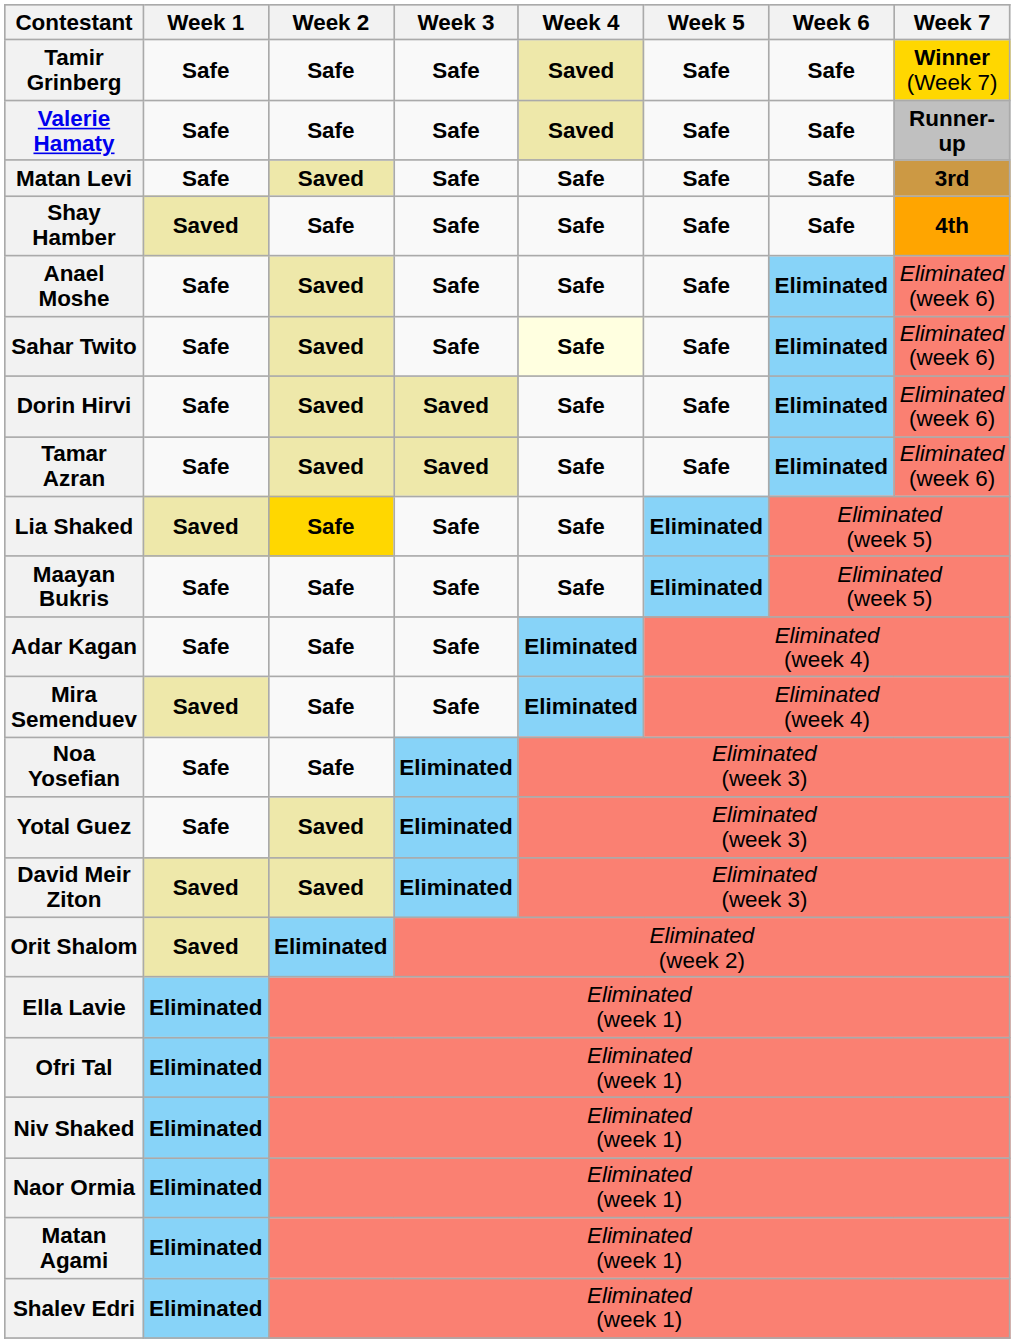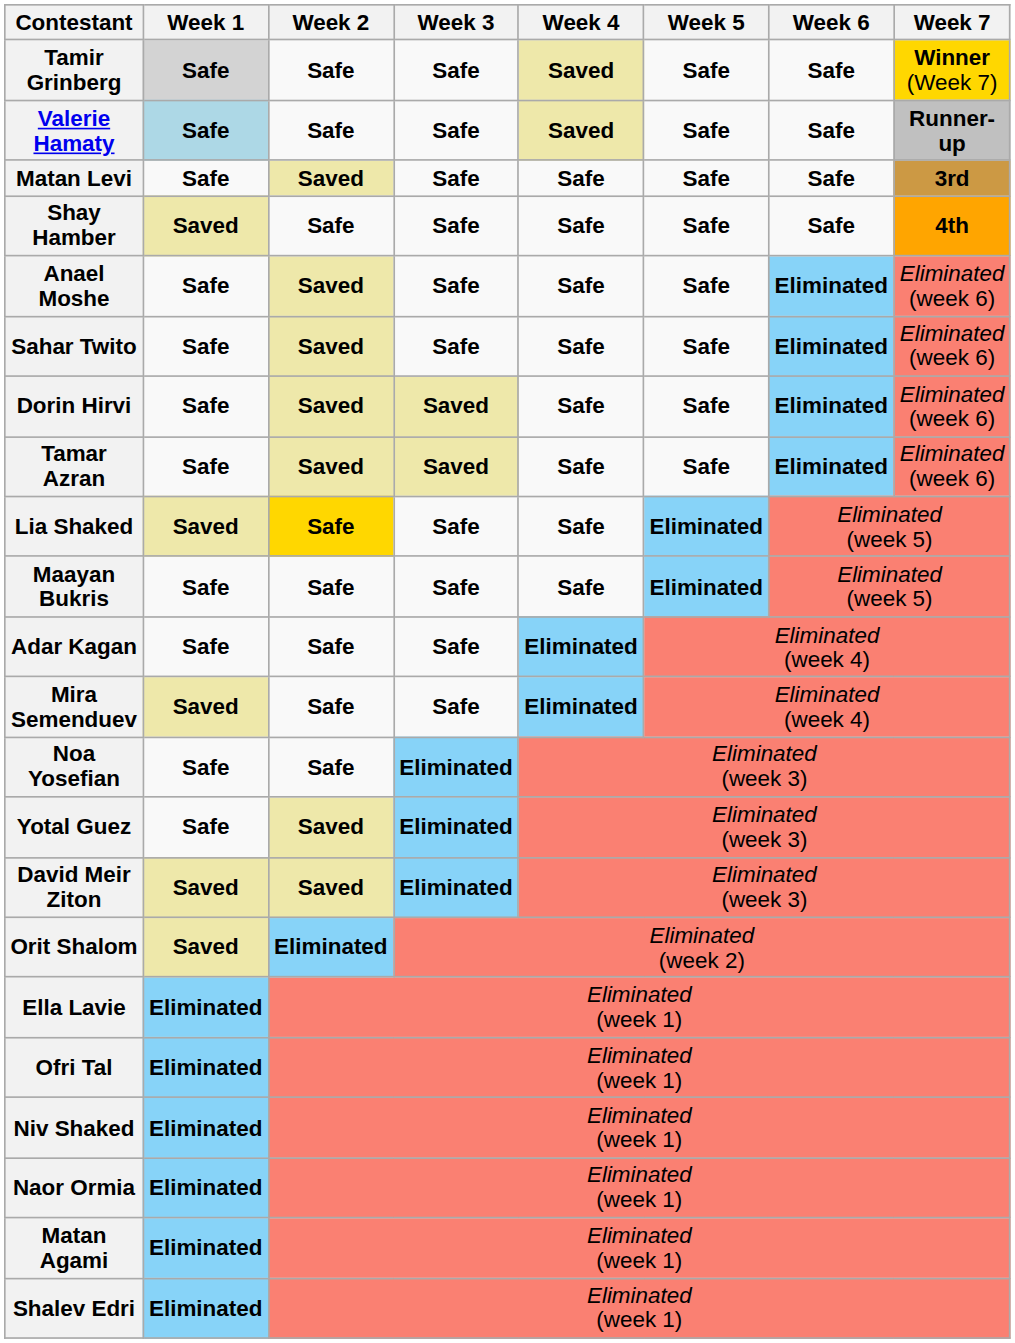 <table class="wikitable" style="text-align:center; font-size:85%">
 <tr>
 <th style="width:12%">Contestant</th>
 <th style="width:7%">Week 1</th>
 <th style="width:7%">Week 2</th>
 <th style="width:7%">Week 3</th>
 <th style="width:7%">Week 4</th>
 <th style="width:7%">Week 5</th>
 <th style="width:7%">Week 6</th>
 <th style="width:7%">Week 7</th>
 </tr>
 <tr>
 <th>Tamir Grinberg</th>
-<td><strong>Safe</strong></td>
+<td style="background: lightgrey;"><strong>Safe</strong></td>
 <td><strong>Safe</strong></td>
 <td><strong>Safe</strong></td>
 <td style = "background:#EEE8AA"><strong>Saved</strong></td>
 <td><strong>Safe</strong></td>
 <td><strong>Safe</strong></td>
 <td style="background:gold"><strong>Winner</strong><br>(Week 7)</td>
 </tr>
 <tr>
 <th><a href='#'>Valerie Hamaty</a></th>
-<td><strong>Safe</strong></td>
+<td style="background: lightblue;"><strong>Safe</strong></td>
 <td><strong>Safe</strong></td>
 <td><strong>Safe</strong></td>
 <td style = "background:#EEE8AA"><strong>Saved</strong></td>
 <td><strong>Safe</strong></td>
 <td><strong>Safe</strong></td>
 <td style="background:silver"><strong>Runner-up</strong></td>
 </tr>
 <tr>
 <th>Matan Levi</th>
 <td><strong>Safe</strong></td>
 <td style = "background:#EEE8AA"><strong>Saved</strong></td>
 <td><strong>Safe</strong></td>
 <td><strong>Safe</strong></td>
 <td><strong>Safe</strong></td>
 <td><strong>Safe</strong></td>
 <td style="background:#c94"><strong>3rd</strong></td>
 </tr>
 <tr>
 <th>Shay Hamber</th>
 <td style = "background:#EEE8AA"><strong>Saved</strong></td>
 <td><strong>Safe</strong></td>
 <td><strong>Safe</strong></td>
 <td><strong>Safe</strong></td>
 <td><strong>Safe</strong></td>
 <td><strong>Safe</strong></td>
 <td style="background:orange"><strong>4th</strong></td>
 </tr>
 <tr>
 <th>Anael Moshe</th>
 <td><strong>Safe</strong></td>
 <td style = "background:#EEE8AA"><strong>Saved</strong></td>
 <td><strong>Safe</strong></td>
 <td><strong>Safe</strong></td>
 <td><strong>Safe</strong></td>
 <td style = "background:#87D3F8"><strong>Eliminated</strong></td>
 <td style = "background:#FA8072" colspan=2><em>Eliminated</em><br>(week 6)</td>
 </tr>
 <tr>
 <th>Sahar Twito</th>
 <td><strong>Safe</strong></td>
 <td style = "background:#EEE8AA"><strong>Saved</strong></td>
 <td><strong>Safe</strong></td>
-<td style="background: lightyellow;"><strong>Safe</strong></td>
+<td><strong>Safe</strong></td>
 <td><strong>Safe</strong></td>
 <td style = "background:#87D3F8"><strong>Eliminated</strong></td>
 <td style = "background:#FA8072" colspan=2><em>Eliminated</em><br>(week 6)</td>
 </tr>
 <tr>
 <th>Dorin Hirvi</th>
 <td><strong>Safe</strong></td>
 <td style = "background:#EEE8AA"><strong>Saved</strong></td>
 <td style = "background:#EEE8AA"><strong>Saved</strong></td>
 <td><strong>Safe</strong></td>
 <td><strong>Safe</strong></td>
 <td style = "background:#87D3F8"><strong>Eliminated</strong></td>
 <td style = "background:#FA8072" colspan=2><em>Eliminated</em><br>(week 6)</td>
 </tr>
 <tr>
 <th>Tamar Azran</th>
 <td><strong>Safe</strong></td>
 <td style = "background:#EEE8AA"><strong>Saved</strong></td>
 <td style = "background:#EEE8AA"><strong>Saved</strong></td>
 <td><strong>Safe</strong></td>
 <td><strong>Safe</strong></td>
 <td style = "background:#87D3F8"><strong>Eliminated</strong></td>
 <td style = "background:#FA8072" colspan=2><em>Eliminated</em><br>(week 6)</td>
 </tr>
 <tr>
 <th>Lia Shaked</th>
 <td style = "background:#EEE8AA"><strong>Saved</strong></td>
 <td style="background: gold;"><strong>Safe</strong></td>
 <td><strong>Safe</strong></td>
 <td><strong>Safe</strong></td>
 <td style = "background:#87D3F8"><strong>Eliminated</strong></td>
 <td style = "background:#FA8072" colspan=3><em>Eliminated</em><br>(week 5)</td>
 </tr>
 <tr>
 <th>Maayan Bukris</th>
 <td><strong>Safe</strong></td>
 <td><strong>Safe</strong></td>
 <td><strong>Safe</strong></td>
 <td><strong>Safe</strong></td>
 <td style = "background:#87D3F8"><strong>Eliminated</strong></td>
 <td style = "background:#FA8072" colspan=3><em>Eliminated</em><br>(week 5)</td>
 </tr>
 <tr>
 <th>Adar Kagan</th>
 <td><strong>Safe</strong></td>
 <td><strong>Safe</strong></td>
 <td><strong>Safe</strong></td>
 <td style = "background:#87D3F8"><strong>Eliminated</strong></td>
 <td style = "background:#FA8072" colspan=4><em>Eliminated</em><br>(week 4)</td>
 </tr>
 <tr>
 <th>Mira Semenduev</th>
 <td style = "background:#EEE8AA"><strong>Saved</strong></td>
 <td><strong>Safe</strong></td>
 <td><strong>Safe</strong></td>
 <td style = "background:#87D3F8"><strong>Eliminated</strong></td>
 <td style = "background:#FA8072" colspan=4><em>Eliminated</em><br>(week 4)</td>
 </tr>
 <tr>
 <th>Noa Yosefian</th>
 <td><strong>Safe</strong></td>
 <td><strong>Safe</strong></td>
 <td style = "background:#87D3F8"><strong>Eliminated</strong></td>
 <td style = "background:#FA8072" colspan=5><em>Eliminated</em><br>(week 3)</td>
 </tr>
 <tr>
 <th>Yotal Guez</th>
 <td><strong>Safe</strong></td>
 <td style = "background:#EEE8AA"><strong>Saved</strong></td>
 <td style = "background:#87D3F8"><strong>Eliminated</strong></td>
 <td style = "background:#FA8072" colspan=5><em>Eliminated</em><br>(week 3)</td>
 </tr>
 <tr>
 <th>David Meir Ziton</th>
 <td style = "background:#EEE8AA"><strong>Saved</strong></td>
 <td style = "background:#EEE8AA"><strong>Saved</strong></td>
 <td style = "background:#87D3F8"><strong>Eliminated</strong></td>
 <td style = "background:#FA8072" colspan=12 5><em>Eliminated</em><br>(week 3)</td>
 </tr>
 <tr>
 <th>Orit Shalom</th>
 <td style = "background:#EEE8AA"><strong>Saved</strong></td>
 <td style = "background:#87D3F8"><strong>Eliminated</strong></td>
 <td style = "background:#FA8072" colspan=6><em>Eliminated</em><br>(week 2)</td>
 </tr>
 <tr>
 <th>Ella Lavie</th>
 <td style = "background:#87D3F8"><strong>Eliminated</strong></td>
 <td style = "background:#FA8072" colspan=7><em>Eliminated</em><br>(week 1)</td>
 </tr>
 <tr>
 <th>Ofri Tal</th>
 <td style = "background:#87D3F8"><strong>Eliminated</strong></td>
 <td style = "background:#FA8072" colspan=7><em>Eliminated</em><br>(week 1)</td>
 </tr>
 <tr>
 <th>Niv Shaked</th>
 <td style = "background:#87D3F8"><strong>Eliminated</strong></td>
 <td style = "background:#FA8072" colspan=7><em>Eliminated</em><br>(week 1)</td>
 </tr>
 <tr>
 <th>Naor Ormia</th>
 <td style = "background:#87D3F8"><strong>Eliminated</strong></td>
 <td style = "background:#FA8072" colspan=7><em>Eliminated</em><br>(week 1)</td>
 </tr>
 <tr>
 <th>Matan Agami</th>
 <td style = "background:#87D3F8"><strong>Eliminated</strong></td>
 <td style = "background:#FA8072" colspan=7><em>Eliminated</em><br>(week 1)</td>
 </tr>
 <tr>
 <th>Shalev Edri</th>
 <td style = "background:#87D3F8"><strong>Eliminated</strong></td>
 <td style = "background:#FA8072" colspan=7><em>Eliminated</em><br>(week 1)</td>
 </tr>
 </table>
